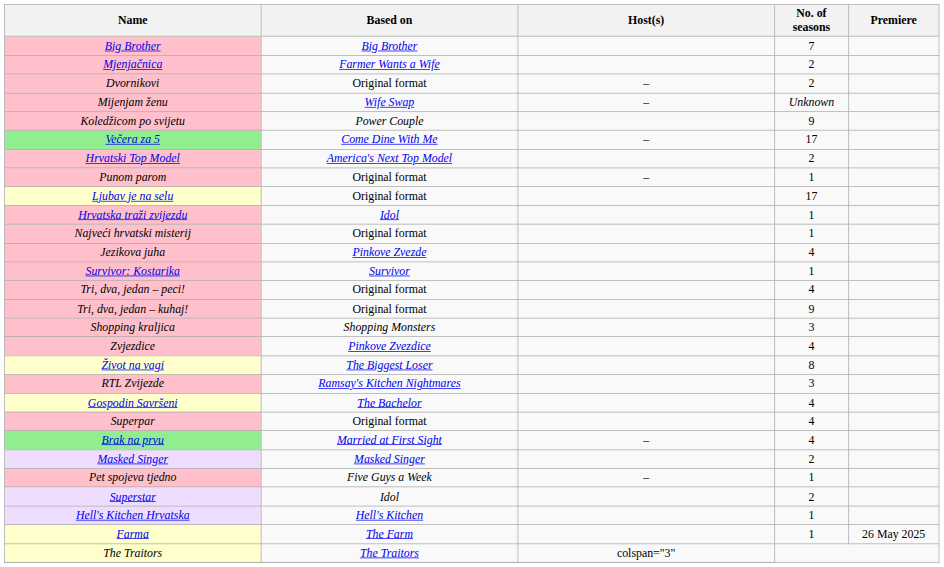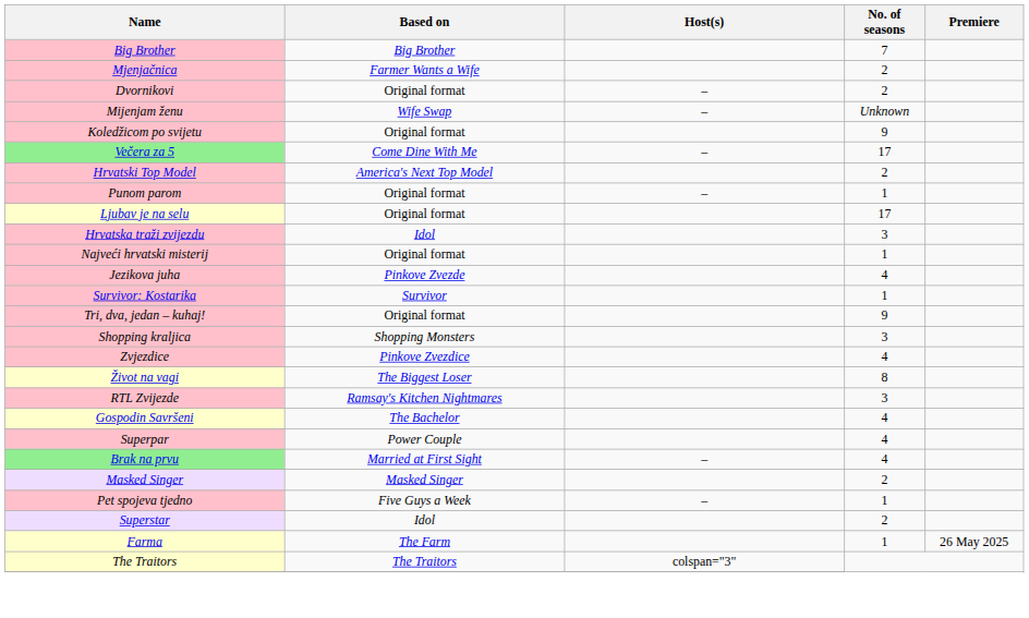 <table class="wikitable sortable" style="text-align:center; line-height:18px; width:100%;">
 <tr>
 <th scope="col" style="width:17%;">Name</th>
 <th scope="col" style="width:17%;">Based on</th>
 <th scope="col" style="width:17%;">Host(s)</th>
 <th scope="col" style="width:04%;">No. of seasons</th>
 <th scope="col" style="width:06%;">Premiere</th>
 </tr>
 <tr>
 <td style="background-color:#FFC0CB"><em><a href='#'>Big Brother</a></em></td>
 <td><em><a href='#'>Big Brother</a></em></td>
 <td></td>
 <td>7</td>
 <td></td>
 </tr>
 <tr>
 <td style="background-color:#FFC0CB"><em><a href='#'>Mjenjačnica</a></em></td>
 <td><em><a href='#'>Farmer Wants a Wife</a></em></td>
 <td></td>
 <td>2</td>
 <td></td>
 </tr>
 <tr>
 <td style="background-color:#FFC0CB"><em>Dvornikovi</em></td>
 <td>Original format</td>
 <td>–</td>
 <td>2</td>
 <td></td>
 </tr>
 <tr>
 <td style="background-color:#FFC0CB"><em>Mijenjam ženu</em></td>
 <td><em><a href='#'>Wife Swap</a></em></td>
 <td>–</td>
 <td><em>Unknown</em></td>
 <td></td>
 </tr>
 <tr>
 <td style="background-color:#FFC0CB"><em>Koledžicom po svijetu</em></td>
-<td><em>Power Couple</em></td>
+<td>Original format</td>
 <td></td>
 <td>9</td>
 <td></td>
 </tr>
 <tr>
 <td style="background-color:lightgreen"><em><a href='#'>Večera za 5</a></em></td>
 <td><em><a href='#'>Come Dine With Me</a></em></td>
 <td>–</td>
 <td>17</td>
 <td></td>
 </tr>
 <tr>
 <td style="background-color:#FFC0CB"><em><a href='#'>Hrvatski Top Model</a></em></td>
 <td><em><a href='#'>America's Next Top Model</a></em></td>
 <td></td>
 <td>2</td>
 <td></td>
 </tr>
 <tr>
 <td style="background-color:#FFC0CB"><em>Punom parom</em></td>
 <td>Original format</td>
 <td>–</td>
 <td>1</td>
 <td></td>
 </tr>
 <tr>
 <td style="background-color:#FFFFCC"><em><a href='#'>Ljubav je na selu</a></em></td>
 <td>Original format</td>
 <td></td>
 <td>17</td>
 <td></td>
 </tr>
 <tr>
 <td style="background-color:#FFC0CB"><em><a href='#'>Hrvatska traži zvijezdu</a></em></td>
 <td><em><a href='#'>Idol</a></em></td>
 <td></td>
-<td>1</td>
+<td>3</td>
 <td></td>
 </tr>
 <tr>
 <td style="background-color:#FFC0CB"><em>Najveći hrvatski misterij</em></td>
 <td>Original format</td>
 <td></td>
 <td>1</td>
 <td></td>
 </tr>
 <tr>
 <td style="background-color:#FFC0CB"><em>Jezikova juha</em></td>
 <td><em><a href='#'>Pinkove Zvezde</a></em></td>
 <td></td>
 <td>4</td>
 <td></td>
 </tr>
 <tr>
 <td style="background-color:#FFC0CB"><em><a href='#'>Survivor: Kostarika</a></em></td>
 <td><em><a href='#'>Survivor</a></em></td>
 <td></td>
 <td>1</td>
-<td></td>
-</tr>
-<tr>
-<td style="background-color:#FFC0CB"><em>Tri, dva, jedan – peci!</em></td>
-<td>Original format</td>
-<td></td>
-<td>4</td>
 <td></td>
 </tr>
 <tr>
 <td style="background-color:#FFC0CB"><em>Tri, dva, jedan – kuhaj!</em></td>
 <td>Original format</td>
 <td></td>
 <td>9</td>
 <td></td>
 </tr>
 <tr>
 <td style="background-color:#FFC0CB"><em>Shopping kraljica</em></td>
 <td><em>Shopping Monsters</em></td>
 <td></td>
 <td>3</td>
 <td></td>
 </tr>
 <tr>
 <td style="background-color:#FFC0CB"><em>Zvjezdice</em></td>
 <td><em><a href='#'>Pinkove Zvezdice</a></em></td>
 <td></td>
 <td>4</td>
 <td></td>
 </tr>
 <tr>
 <td style="background-color:#FFFFCC"><em><a href='#'>Život na vagi</a></em></td>
 <td><em><a href='#'>The Biggest Loser</a></em></td>
 <td></td>
 <td>8</td>
 <td></td>
 </tr>
 <tr>
 <td style="background-color:#FFC0CB"><em>RTL Zvijezde</em></td>
 <td><em><a href='#'>Ramsay's Kitchen Nightmares</a></em></td>
 <td></td>
 <td>3</td>
 <td></td>
 </tr>
 <tr>
 <td style="background-color:#FFFFCC"><em><a href='#'>Gospodin Savršeni</a></em></td>
 <td><em><a href='#'>The Bachelor</a></em></td>
 <td></td>
 <td>4</td>
 <td></td>
 </tr>
 <tr>
 <td style="background-color:#FFC0CB"><em>Superpar</em></td>
-<td>Original format</td>
+<td><em>Power Couple</em></td>
 <td></td>
 <td>4</td>
 <td></td>
 </tr>
 <tr>
 <td style="background-color:lightgreen"><em><a href='#'>Brak na prvu</a></em></td>
 <td><em><a href='#'>Married at First Sight</a></em></td>
 <td>–</td>
 <td>4</td>
 <td></td>
 </tr>
 <tr>
 <td style="background-color:#EEDDFF"><em><a href='#'>Masked Singer</a></em></td>
 <td><em><a href='#'>Masked Singer</a></em></td>
 <td></td>
 <td>2</td>
 <td></td>
 </tr>
 <tr>
 <td style="background-color:#FFC0CB"><em>Pet spojeva tjedno</em></td>
 <td><em>Five Guys a Week</em></td>
 <td>–</td>
 <td>1</td>
 <td></td>
 </tr>
 <tr>
 <td style="background-color:#EEDDFF"><em><a href='#'>Superstar</a></em></td>
 <td><em>Idol</em></td>
 <td></td>
 <td>2</td>
 <td></td>
 </tr>
 <tr>
-<td style="background-color:#EEDDFF"><em><a href='#'>Hell's Kitchen Hrvatska</a></em></td>
-<td><em><a href='#'>Hell's Kitchen</a></em></td>
-<td></td>
-<td>1</td>
-<td></td>
-</tr>
-<tr>
 <td style="background-color:#FFFFCC"><em><a href='#'>Farma</a></em></td>
 <td><em><a href='#'>The Farm</a></em></td>
 <td></td>
 <td>1</td>
 <td>26 May 2025</td>
 </tr>
 <tr>
 <td style="background-color:#FFFFCC"><em>The Traitors</em></td>
 <td><em><a href='#'>The Traitors</a></em></td>
 <td>colspan="3"</td>
 </tr>
 <tr>
 </tr>
 </table>
